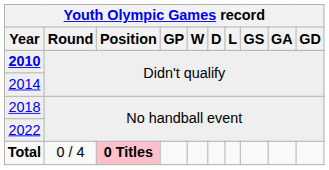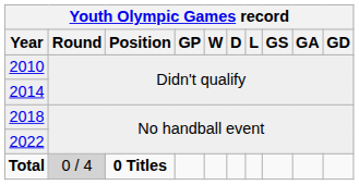 <table class="wikitable" style="text-align: center;">
 <tr>
 <th colspan=10><a href='#'>Youth Olympic Games</a> record</th>
 </tr>
 <tr>
 <th>Year</th>
 <th>Round</th>
 <th>Position</th>
 <th>GP</th>
 <th>W</th>
 <th>D</th>
 <th>L</th>
 <th>GS</th>
 <th>GA</th>
 <th>GD</th>
 </tr>
 <tr bgcolor="efefef">
-<td><strong> <a href='#'>2010</a></strong></td>
+<td> <a href='#'>2010</a></td>
 <td Colspan=10 rowspan=2>Didn't qualify</td>
 </tr>
 <tr bgcolor="efefef">
 <td> <a href='#'>2014</a></td>
 </tr>
 <tr bgcolor="efefef">
 <td> <a href='#'>2018</a></td>
 <td colspan=10 rowspan=2>No handball event</td>
 </tr>
 <tr bgcolor="efefef">
 <td> <a href='#'>2022</a></td>
 </tr>
 <tr>
 <td><strong>Total</strong></td>
-<td>0 / 4</td>
-<td style="background: pink;"><strong>0 Titles</strong></td>
+<td style="background: lightgrey;">0 / 4</td>
+<td><strong>0 Titles</strong></td>
 <td></td>
 <td></td>
 <td></td>
 <td></td>
 <td></td>
 <td></td>
 <td></td>
 </tr>
 </table>
